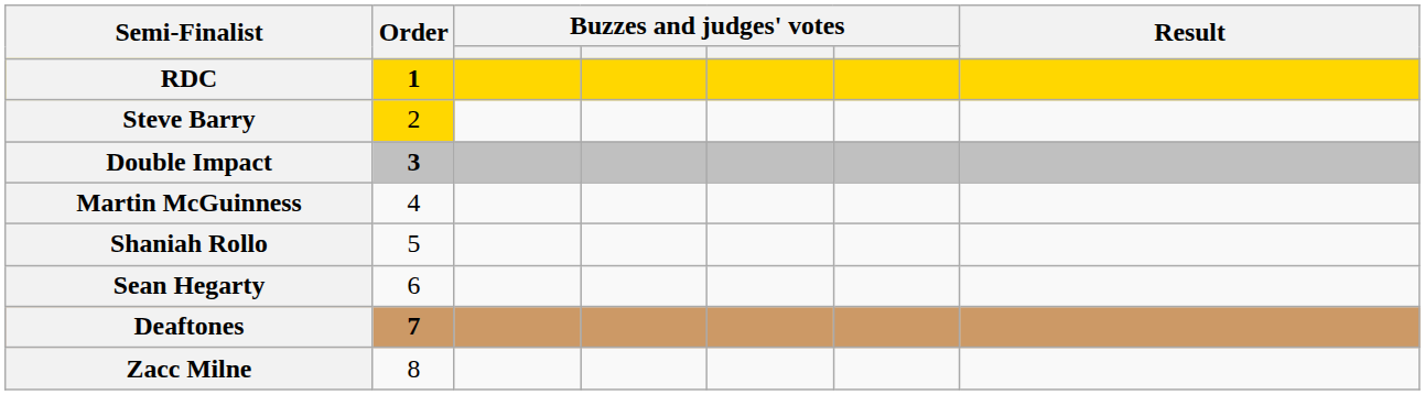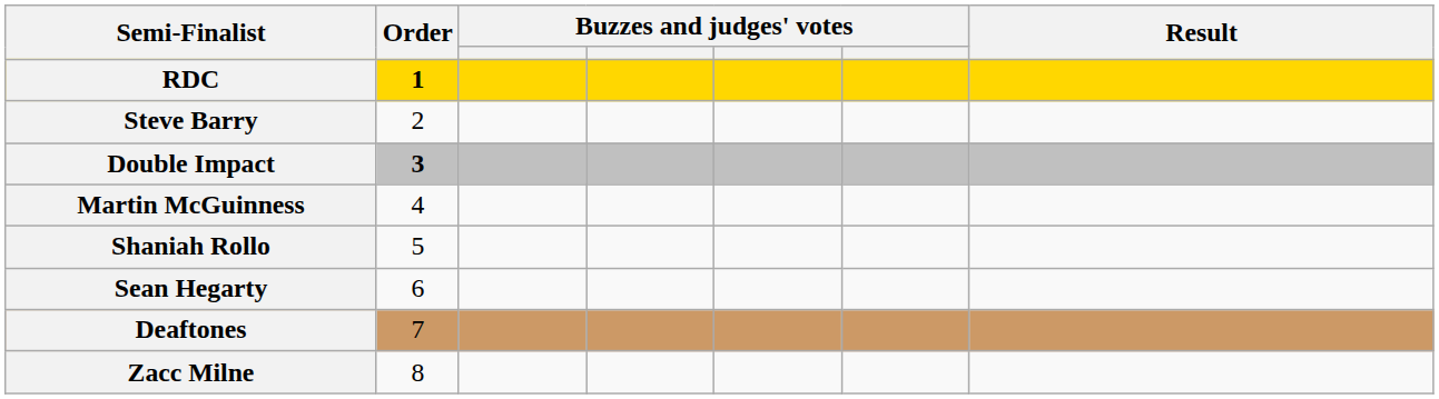 <table class="wikitable plainrowheaders sortable" style="text-align:center;">
 <tr>
 <th scope="col" rowspan="2" class="unsortable" style="width:17em;">Semi-Finalist</th>
 <th scope="col" rowspan="2" style="width:1em;">Order</th>
 <th scope="col" colspan="4" class="unsortable" style="width:24em;">Buzzes and judges' votes</th>
 <th scope="col" rowspan="2" style="width:23em;">Result</th>
 </tr>
 <tr>
 <th scope="col" class="unsortable" style="width:6em;"></th>
 <th scope="col" class="unsortable" style="width:6em;"></th>
 <th scope="col" class="unsortable" style="width:6em;"></th>
 <th scope="col" class="unsortable" style="width:6em;"></th>
 </tr>
 <tr style="background:gold">
 <th scope="row"><strong>RDC</strong></th>
 <td><strong>1</strong></td>
 <td style="text-align:center;"></td>
 <td style="text-align:center;"></td>
 <td style="text-align:center;"></td>
 <td style="text-align:center;"></td>
 <td><strong></strong></td>
 </tr>
 <tr>
 <th scope="row">Steve Barry</th>
-<td style="background: gold;">2</td>
+<td>2</td>
 <td style="text-align:center;"></td>
 <td style="text-align:center;"></td>
 <td style="text-align:center;"></td>
 <td style="text-align:center;"></td>
 <td></td>
 </tr>
 <tr style="background:silver">
 <th scope="row"><strong>Double Impact</strong></th>
 <td><strong>3</strong></td>
 <td style="text-align:center;"></td>
 <td style="text-align:center;"></td>
 <td style="text-align:center;"></td>
 <td style="text-align:center;"></td>
 <td><strong></strong></td>
 </tr>
 <tr>
 <th scope="row">Martin McGuinness</th>
 <td>4</td>
 <td style="text-align:center;"></td>
 <td style="text-align:center;"></td>
 <td style="text-align:center;"></td>
 <td style="text-align:center;"></td>
 <td></td>
 </tr>
 <tr>
 <th scope="row">Shaniah Rollo</th>
 <td>5</td>
 <td style="text-align:center;"></td>
 <td style="text-align:center;"></td>
 <td style="text-align:center;"></td>
 <td style="text-align:center;"></td>
 <td></td>
 </tr>
 <tr>
 <th scope="row">Sean Hegarty</th>
 <td>6</td>
 <td style="text-align:center;"></td>
 <td style="text-align:center;"></td>
 <td style="text-align:center;"></td>
 <td style="text-align:center;"></td>
 <td></td>
 </tr>
 <tr style="background:#c96">
 <th scope="row">Deaftones</th>
-<td><strong>7</strong></td>
+<td>7</td>
 <td style="text-align:center;"></td>
 <td style="text-align:center;"></td>
 <td style="text-align:center;"></td>
 <td style="text-align:center;"></td>
 <td></td>
 </tr>
 <tr>
 <th scope="row">Zacc Milne</th>
 <td>8</td>
 <td style="text-align:center;"></td>
 <td style="text-align:center;"></td>
 <td style="text-align:center;"></td>
 <td style="text-align:center;"></td>
 <td></td>
 </tr>
 </table>
